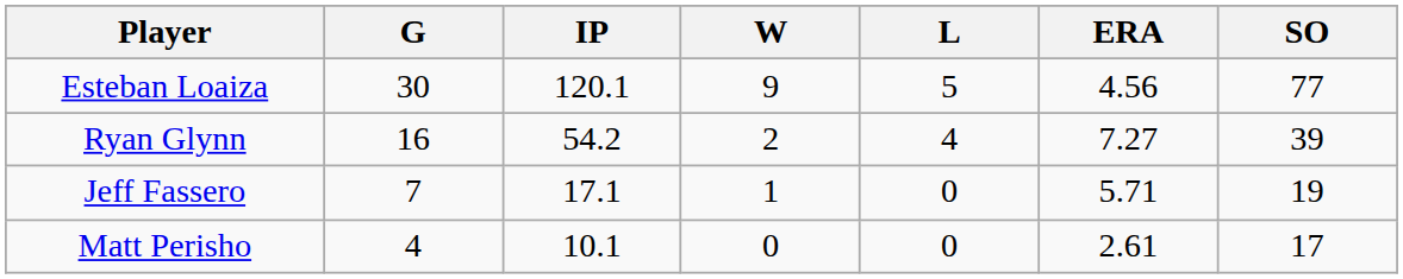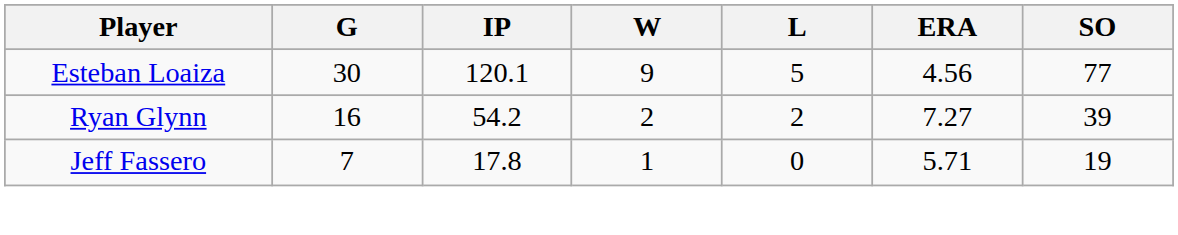 <table class="wikitable sortable">
 <tr>
 <th bgcolor="#DDDDFF" width="16%">Player</th>
 <th bgcolor="#DDDDFF" width="9%">G</th>
 <th bgcolor="#DDDDFF" width="9%">IP</th>
 <th bgcolor="#DDDDFF" width="9%">W</th>
 <th bgcolor="#DDDDFF" width="9%">L</th>
 <th bgcolor="#DDDDFF" width="9%">ERA</th>
 <th bgcolor="#DDDDFF" width="9%">SO</th>
 </tr>
 <tr align="center">
 <td><a href='#'>Esteban Loaiza</a></td>
 <td>30</td>
 <td>120.1</td>
 <td>9</td>
 <td>5</td>
 <td>4.56</td>
 <td>77</td>
 </tr>
 <tr align="center">
 <td><a href='#'>Ryan Glynn</a></td>
 <td>16</td>
 <td>54.2</td>
 <td>2</td>
-<td>4</td>
+<td>2</td>
 <td>7.27</td>
 <td>39</td>
 </tr>
 <tr align="center">
 <td><a href='#'>Jeff Fassero</a></td>
 <td>7</td>
-<td>17.1</td>
+<td>17.8</td>
 <td>1</td>
 <td>0</td>
 <td>5.71</td>
 <td>19</td>
 </tr>
-<tr align="center">
-<td><a href='#'>Matt Perisho</a></td>
-<td>4</td>
-<td>10.1</td>
-<td>0</td>
-<td>0</td>
-<td>2.61</td>
-<td>17</td>
-</tr>
 </table>
